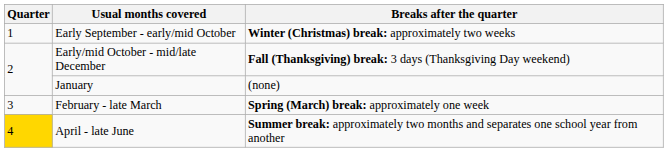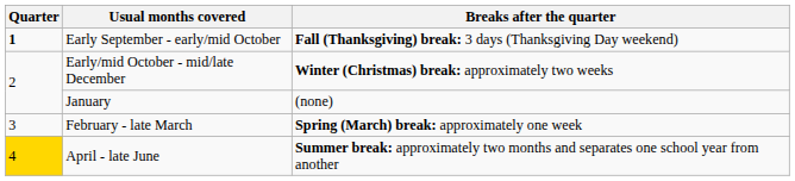 <table class="wikitable">
 <tr>
 <th>Quarter</th>
 <th>Usual months covered</th>
 <th>Breaks after the quarter</th>
 </tr>
 <tr>
-<td>1</td>
+<td><strong>1</strong></td>
 <td>Early September - early/mid October</td>
-<td><strong>Winter (Christmas) break:</strong> approximately two weeks</td>
+<td><strong>Fall (Thanksgiving) break:</strong> 3 days (Thanksgiving Day weekend)</td>
 </tr>
 <tr>
 <td rowspan="2">2</td>
 <td>Early/mid October - mid/late December</td>
-<td><strong>Fall (Thanksgiving) break:</strong> 3 days (Thanksgiving Day weekend)</td>
+<td><strong>Winter (Christmas) break:</strong> approximately two weeks</td>
 </tr>
 <tr>
 <td>January</td>
 <td>(none)</td>
 </tr>
 <tr>
 <td>3</td>
 <td>February - late March</td>
 <td><strong>Spring (March) break:</strong> approximately one week</td>
 </tr>
 <tr>
 <td style="background: gold;">4</td>
 <td>April - late June</td>
 <td><strong>Summer break:</strong> approximately two months and separates one school year from another</td>
 </tr>
 </table>
